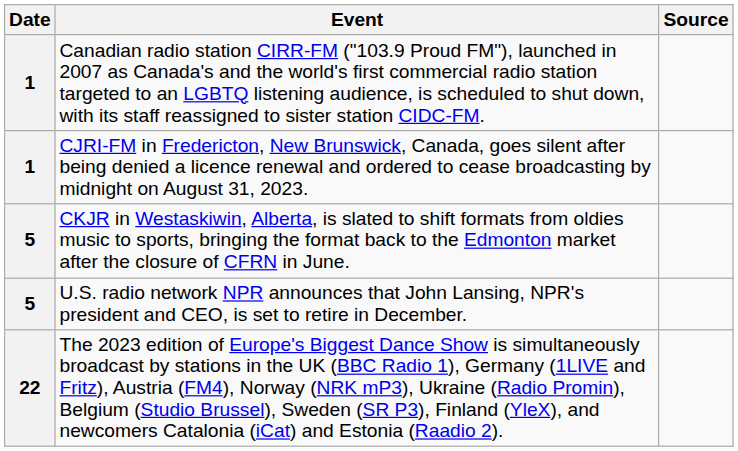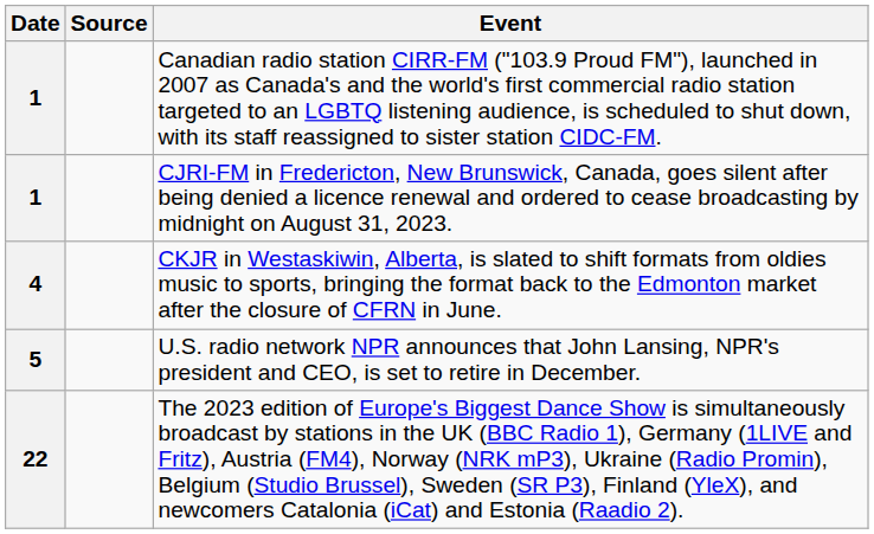 <table class=wikitable>
 <tr>
 <th>Date</th>
+<th>Source</th>
 <th>Event</th>
-<th>Source</th>
 </tr>
 <tr>
 <th>1</th>
+<td></td>
 <td>Canadian radio station <a href='#'>CIRR-FM</a> ("103.9 Proud FM"), launched in 2007 as Canada's and the world's first commercial radio station targeted to an <a href='#'>LGBTQ</a> listening audience, is scheduled to shut down, with its staff reassigned to sister station <a href='#'>CIDC-FM</a>.</td>
-<td></td>
 </tr>
 <tr>
 <th>1</th>
+<td></td>
 <td><a href='#'>CJRI-FM</a> in <a href='#'>Fredericton</a>, <a href='#'>New Brunswick</a>, Canada, goes silent after being denied a licence renewal and ordered to cease broadcasting by midnight on August 31, 2023.</td>
+</tr>
+<tr>
+<th>4</th>
 <td></td>
+<td><a href='#'>CKJR</a> in <a href='#'>Westaskiwin</a>, <a href='#'>Alberta</a>, is slated to shift formats from oldies music to sports, bringing the format back to the <a href='#'>Edmonton</a> market after the closure of <a href='#'>CFRN</a> in June.</td>
 </tr>
 <tr>
 <th>5</th>
-<td><a href='#'>CKJR</a> in <a href='#'>Westaskiwin</a>, <a href='#'>Alberta</a>, is slated to shift formats from oldies music to sports, bringing the format back to the <a href='#'>Edmonton</a> market after the closure of <a href='#'>CFRN</a> in June.</td>
 <td></td>
-</tr>
-<tr>
-<th>5</th>
 <td>U.S. radio network <a href='#'>NPR</a> announces that John Lansing, NPR's president and CEO, is set to retire in December.</td>
-<td></td>
 </tr>
 <tr>
 <th>22</th>
+<td></td>
 <td>The 2023 edition of <a href='#'>Europe's Biggest Dance Show</a> is simultaneously broadcast by stations in the UK (<a href='#'>BBC Radio 1</a>), Germany (<a href='#'>1LIVE</a> and <a href='#'>Fritz</a>), Austria (<a href='#'>FM4</a>), Norway (<a href='#'>NRK mP3</a>), Ukraine (<a href='#'>Radio Promin</a>), Belgium (<a href='#'>Studio Brussel</a>), Sweden (<a href='#'>SR P3</a>), Finland (<a href='#'>YleX</a>), and newcomers Catalonia (<a href='#'>iCat</a>) and Estonia (<a href='#'>Raadio 2</a>).</td>
-<td></td>
 </tr>
 </table>
